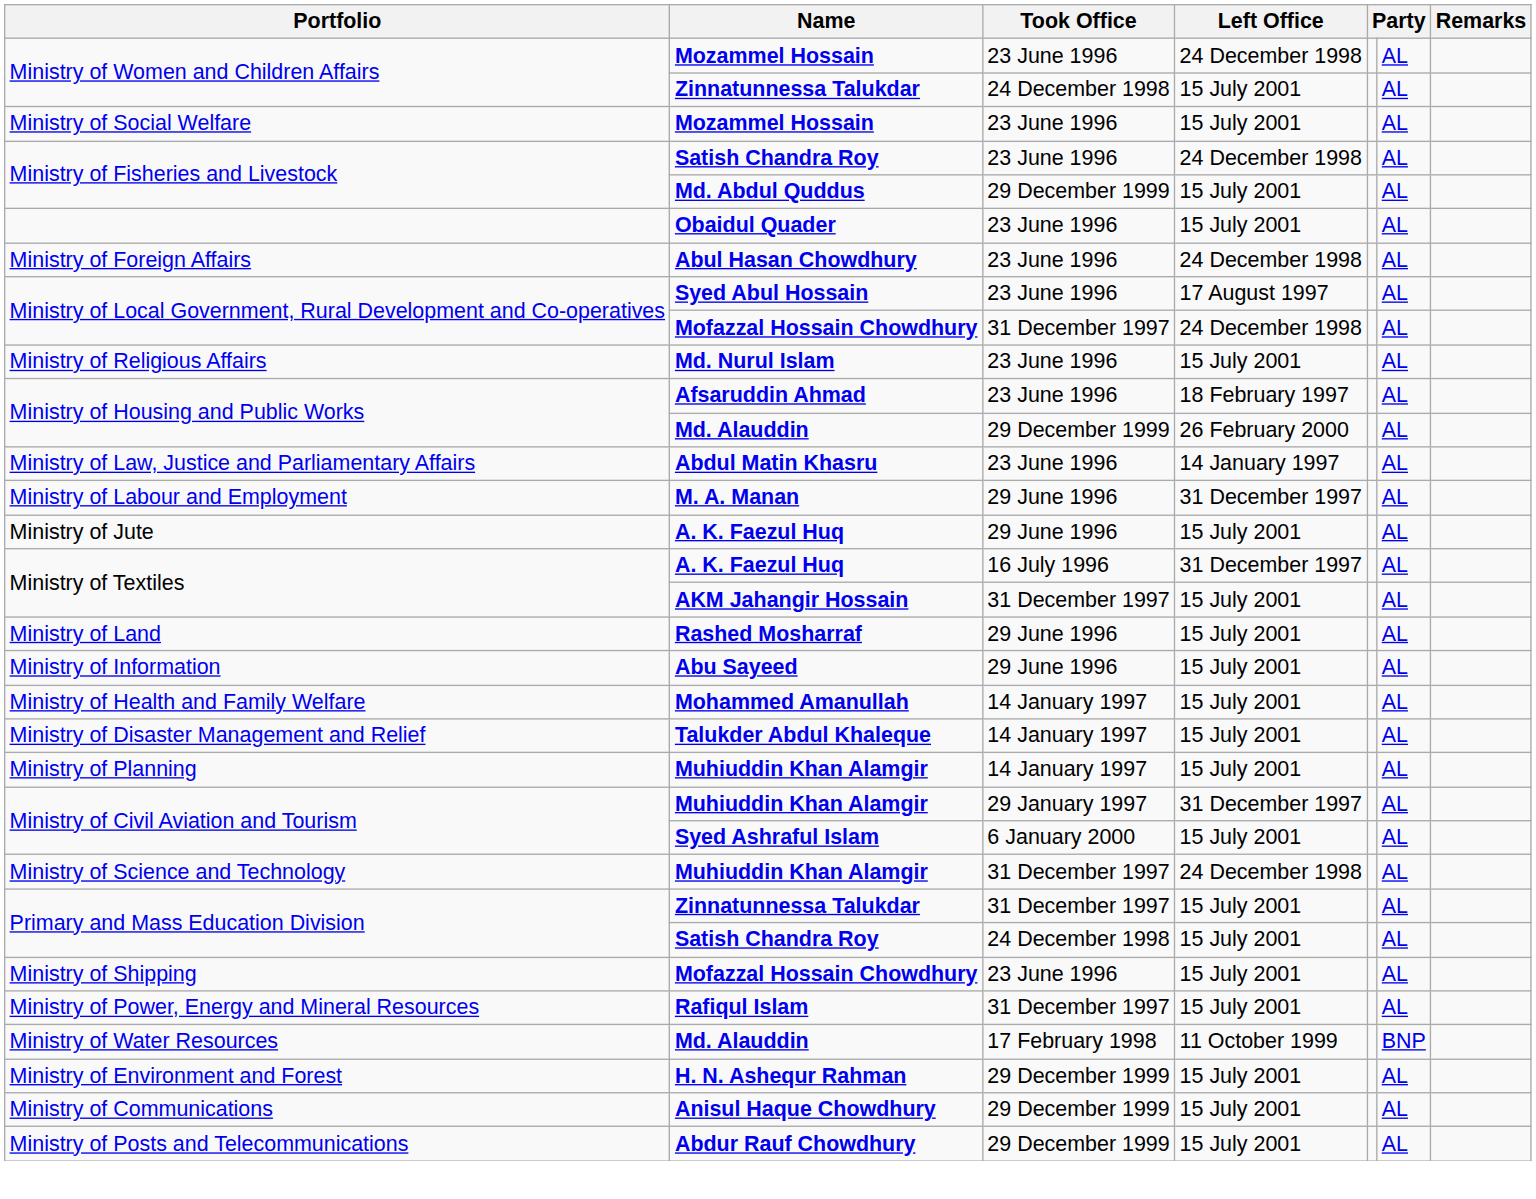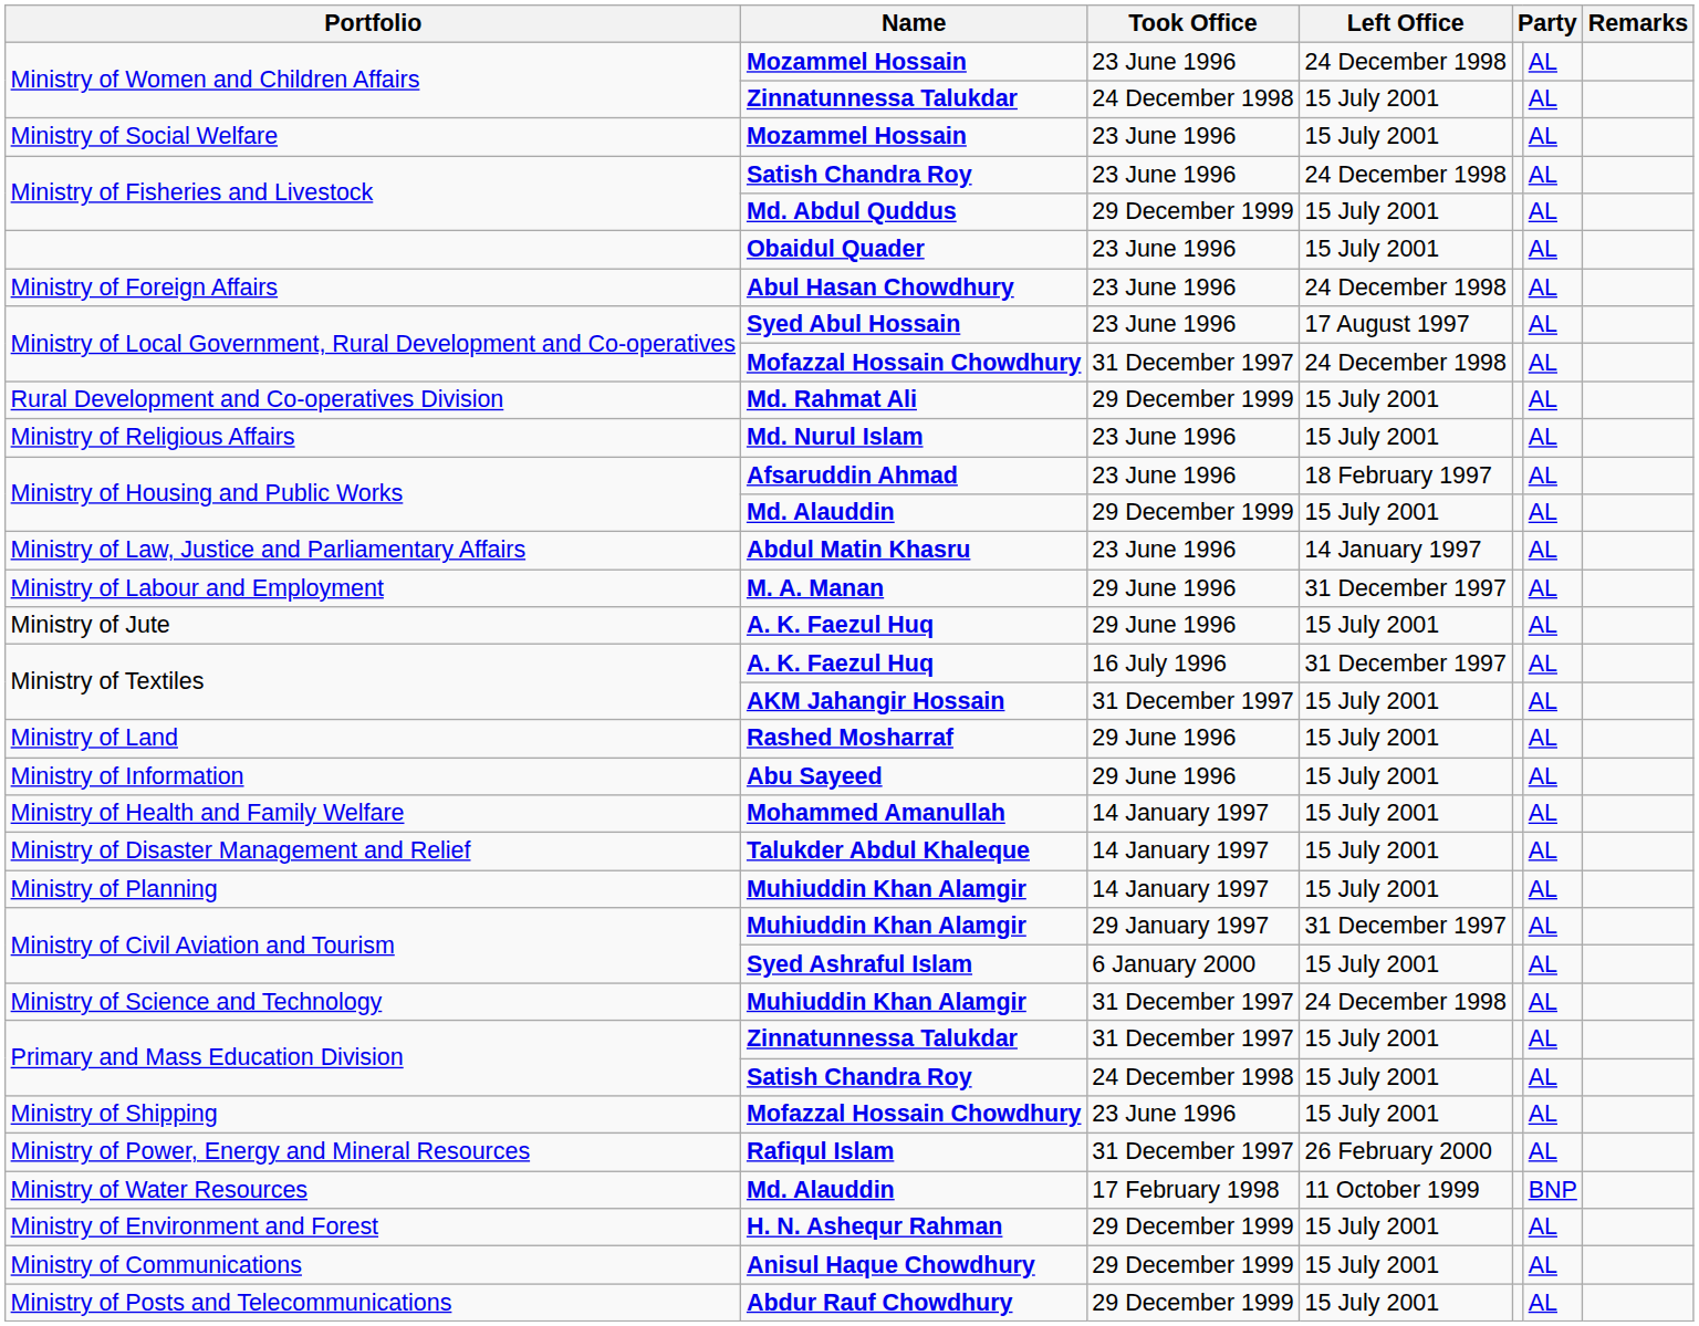 <table class="wikitable sortable">
 <tr>
 <th>Portfolio</th>
 <th>Name</th>
 <th>Took Office</th>
 <th>Left Office</th>
 <th colspan="2">Party</th>
 <th>Remarks</th>
 </tr>
 <tr>
 <td rowspan="2"><a href='#'>Ministry of Women and Children Affairs</a></td>
 <td><strong><a href='#'>Mozammel Hossain</a></strong></td>
 <td>23 June 1996</td>
 <td>24 December 1998</td>
 <td style="background-color:"></td>
 <td><a href='#'>AL</a></td>
 <td></td>
 </tr>
 <tr>
 <td><strong><a href='#'>Zinnatunnessa Talukdar</a></strong></td>
 <td>24 December 1998</td>
 <td>15 July 2001</td>
 <td style="background-color:"></td>
 <td><a href='#'>AL</a></td>
 <td></td>
 </tr>
 <tr>
 <td><a href='#'>Ministry of Social Welfare</a></td>
 <td><strong><a href='#'>Mozammel Hossain</a></strong></td>
 <td>23 June 1996</td>
 <td>15 July 2001</td>
 <td style="background-color:"></td>
 <td><a href='#'>AL</a></td>
 <td></td>
 </tr>
 <tr>
 <td rowspan="2"><a href='#'>Ministry of Fisheries and Livestock</a></td>
 <td><strong><a href='#'>Satish Chandra Roy</a></strong></td>
 <td>23 June 1996</td>
 <td>24 December 1998</td>
 <td style="background-color:"></td>
 <td><a href='#'>AL</a></td>
 <td></td>
 </tr>
 <tr>
 <td><strong><a href='#'>Md. Abdul Quddus</a></strong></td>
 <td>29 December 1999</td>
 <td>15 July 2001</td>
 <td style="background-color:"></td>
 <td><a href='#'>AL</a></td>
 <td></td>
 </tr>
 <tr>
 <td></td>
 <td><strong><a href='#'>Obaidul Quader</a></strong></td>
 <td>23 June 1996</td>
 <td>15 July 2001</td>
 <td style="background-color:"></td>
 <td><a href='#'>AL</a></td>
 <td></td>
 </tr>
 <tr>
 <td><a href='#'>Ministry of Foreign Affairs</a></td>
 <td><strong><a href='#'>Abul Hasan Chowdhury</a></strong></td>
 <td>23 June 1996</td>
 <td>24 December 1998</td>
 <td style="background-color:"></td>
 <td><a href='#'>AL</a></td>
 <td></td>
 </tr>
 <tr>
 <td rowspan="2"><a href='#'>Ministry of Local Government, Rural Development and Co-operatives</a></td>
 <td><strong><a href='#'>Syed Abul Hossain</a></strong></td>
 <td>23 June 1996</td>
 <td>17 August 1997</td>
 <td style="background-color:"></td>
 <td><a href='#'>AL</a></td>
 <td></td>
 </tr>
 <tr>
 <td><strong><a href='#'>Mofazzal Hossain Chowdhury</a></strong></td>
 <td>31 December 1997</td>
 <td>24 December 1998</td>
 <td style="background-color:"></td>
 <td><a href='#'>AL</a></td>
 <td></td>
 </tr>
 <tr>
+<td><a href='#'>Rural Development and Co-operatives Division</a></td>
+<td><strong><a href='#'>Md. Rahmat Ali</a></strong></td>
+<td>29 December 1999</td>
+<td>15 July 2001</td>
+<td style="background-color:"></td>
+<td><a href='#'>AL</a></td>
+<td></td>
+</tr>
+<tr>
 <td><a href='#'>Ministry of Religious Affairs</a></td>
 <td><a href='#'><strong>Md. Nurul Islam</strong></a></td>
 <td>23 June 1996</td>
 <td>15 July 2001</td>
 <td style="background-color:"></td>
 <td><a href='#'>AL</a></td>
 <td></td>
 </tr>
 <tr>
 <td rowspan="2"><a href='#'>Ministry of Housing and Public Works</a></td>
 <td><strong><a href='#'>Afsaruddin Ahmad</a></strong></td>
 <td>23 June 1996</td>
 <td>18 February 1997</td>
 <td style="background-color:"></td>
 <td><a href='#'>AL</a></td>
 <td></td>
 </tr>
 <tr>
 <td><strong><a href='#'>Md. Alauddin</a></strong></td>
 <td>29 December 1999</td>
-<td>26 February 2000</td>
+<td>15 July 2001</td>
 <td style="background-color:"></td>
 <td><a href='#'>AL</a></td>
 <td></td>
 </tr>
 <tr>
 <td><a href='#'>Ministry of Law, Justice and Parliamentary Affairs</a></td>
 <td><strong><a href='#'>Abdul Matin Khasru</a></strong></td>
 <td>23 June 1996</td>
 <td>14 January 1997</td>
 <td style="background-color:"></td>
 <td><a href='#'>AL</a></td>
 <td></td>
 </tr>
 <tr>
 <td><a href='#'>Ministry of Labour and Employment</a></td>
 <td><strong><a href='#'>M. A. Manan</a></strong></td>
 <td>29 June 1996</td>
 <td>31 December 1997</td>
 <td style="background-color:"></td>
 <td><a href='#'>AL</a></td>
 <td></td>
 </tr>
 <tr>
 <td>Ministry of Jute</td>
 <td><strong><a href='#'>A. K. Faezul Huq</a></strong></td>
 <td>29 June 1996</td>
 <td>15 July 2001</td>
 <td style="background-color:"></td>
 <td><a href='#'>AL</a></td>
 <td></td>
 </tr>
 <tr>
 <td rowspan="2">Ministry of Textiles</td>
 <td><strong><a href='#'>A. K. Faezul Huq</a></strong></td>
 <td>16 July 1996</td>
 <td>31 December 1997</td>
 <td style="background-color:"></td>
 <td><a href='#'>AL</a></td>
 <td></td>
 </tr>
 <tr>
 <td><strong><a href='#'>AKM Jahangir Hossain</a></strong></td>
 <td>31 December 1997</td>
 <td>15 July 2001</td>
 <td style="background-color:"></td>
 <td><a href='#'>AL</a></td>
 <td></td>
 </tr>
 <tr>
 <td><a href='#'>Ministry of Land</a></td>
 <td><strong><a href='#'>Rashed Mosharraf</a></strong></td>
 <td>29 June 1996</td>
 <td>15 July 2001</td>
 <td style="background-color:"></td>
 <td><a href='#'>AL</a></td>
 <td></td>
 </tr>
 <tr>
 <td><a href='#'>Ministry of Information</a></td>
 <td><a href='#'><strong>Abu Sayeed</strong></a></td>
 <td>29 June 1996</td>
 <td>15 July 2001</td>
 <td style="background-color:"></td>
 <td><a href='#'>AL</a></td>
 <td></td>
 </tr>
 <tr>
 <td><a href='#'>Ministry of Health and Family Welfare</a></td>
 <td><strong><a href='#'>Mohammed Amanullah</a></strong></td>
 <td>14 January 1997</td>
 <td>15 July 2001</td>
 <td style="background-color:"></td>
 <td><a href='#'>AL</a></td>
 <td></td>
 </tr>
 <tr>
 <td><a href='#'>Ministry of Disaster Management and Relief</a></td>
 <td><strong><a href='#'>Talukder Abdul Khaleque</a></strong></td>
 <td>14 January 1997</td>
 <td>15 July 2001</td>
 <td style="background-color:"></td>
 <td><a href='#'>AL</a></td>
 <td></td>
 </tr>
 <tr>
 <td><a href='#'>Ministry of Planning</a></td>
 <td><strong><a href='#'>Muhiuddin Khan Alamgir</a></strong></td>
 <td>14 January 1997</td>
 <td>15 July 2001</td>
 <td style="background-color:"></td>
 <td><a href='#'>AL</a></td>
 <td></td>
 </tr>
 <tr>
 <td rowspan="2"><a href='#'>Ministry of Civil Aviation and Tourism</a></td>
 <td><strong><a href='#'>Muhiuddin Khan Alamgir</a></strong></td>
 <td>29 January 1997</td>
 <td>31 December 1997</td>
 <td style="background-color:"></td>
 <td><a href='#'>AL</a></td>
 <td></td>
 </tr>
 <tr>
 <td><a href='#'><strong>Syed Ashraful Islam</strong></a></td>
 <td>6 January 2000</td>
 <td>15 July 2001</td>
 <td style="background-color:"></td>
 <td><a href='#'>AL</a></td>
 <td></td>
 </tr>
 <tr>
 <td><a href='#'>Ministry of Science and Technology</a></td>
 <td><strong><a href='#'>Muhiuddin Khan Alamgir</a></strong></td>
 <td>31 December 1997</td>
 <td>24 December 1998</td>
 <td style="background-color:"></td>
 <td><a href='#'>AL</a></td>
 <td></td>
 </tr>
 <tr>
 <td rowspan="2"><a href='#'>Primary and Mass Education Division</a></td>
 <td><strong><a href='#'>Zinnatunnessa Talukdar</a></strong></td>
 <td>31 December 1997</td>
 <td>15 July 2001</td>
 <td style="background-color:"></td>
 <td><a href='#'>AL</a></td>
 <td></td>
 </tr>
 <tr>
 <td><strong><a href='#'>Satish Chandra Roy</a></strong></td>
 <td>24 December 1998</td>
 <td>15 July 2001</td>
 <td style="background-color:"></td>
 <td><a href='#'>AL</a></td>
 <td></td>
 </tr>
 <tr>
 <td><a href='#'>Ministry of Shipping</a></td>
 <td><strong><a href='#'>Mofazzal Hossain Chowdhury</a></strong></td>
 <td>23 June 1996</td>
 <td>15 July 2001</td>
 <td style="background-color:"></td>
 <td><a href='#'>AL</a></td>
 <td></td>
 </tr>
 <tr>
 <td><a href='#'>Ministry of Power, Energy and Mineral Resources</a></td>
 <td><a href='#'><strong>Rafiqul Islam</strong></a></td>
 <td>31 December 1997</td>
-<td>15 July 2001</td>
+<td>26 February 2000</td>
 <td style="background-color:"></td>
 <td><a href='#'>AL</a></td>
 <td></td>
 </tr>
 <tr>
 <td><a href='#'>Ministry of Water Resources</a></td>
 <td><strong><a href='#'>Md. Alauddin</a></strong></td>
 <td>17 February 1998</td>
 <td>11 October 1999</td>
 <td style="background-color:"></td>
 <td><a href='#'>BNP</a></td>
 <td></td>
 </tr>
 <tr>
 <td><a href='#'>Ministry of Environment and Forest</a></td>
 <td><strong><a href='#'>H. N. Ashequr Rahman</a></strong></td>
 <td>29 December 1999</td>
 <td>15 July 2001</td>
 <td style="background-color:"></td>
 <td><a href='#'>AL</a></td>
 <td></td>
 </tr>
 <tr>
 <td><a href='#'>Ministry of Communications</a></td>
 <td><a href='#'><strong>Anisul Haque Chowdhury</strong></a></td>
 <td>29 December 1999</td>
 <td>15 July 2001</td>
 <td style="background-color:"></td>
 <td><a href='#'>AL</a></td>
 <td></td>
 </tr>
 <tr>
 <td><a href='#'>Ministry of Posts and Telecommunications</a></td>
 <td><strong><a href='#'>Abdur Rauf Chowdhury</a></strong></td>
 <td>29 December 1999</td>
 <td>15 July 2001</td>
 <td style="background-color:"></td>
 <td><a href='#'>AL</a></td>
 <td></td>
 </tr>
 </table>
